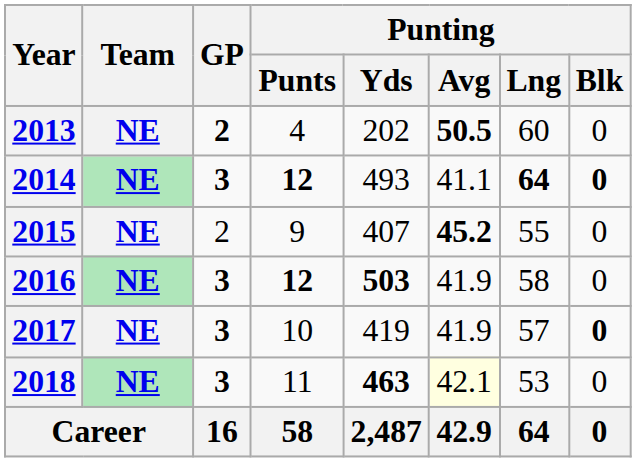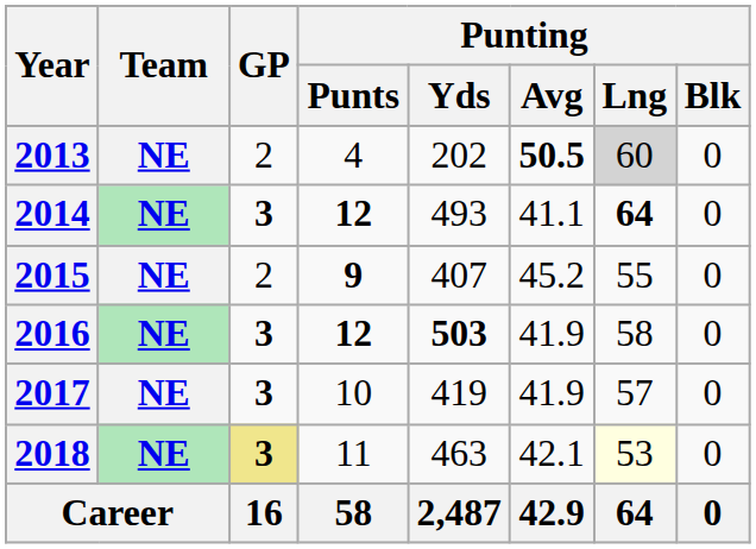 <table class="wikitable" style="text-align:center;">
 <tr>
 <th rowspan="2">Year</th>
 <th rowspan="2">Team</th>
 <th rowspan="2">GP</th>
 <th colspan="5">Punting</th>
 </tr>
 <tr>
 <th>Punts</th>
 <th>Yds</th>
 <th>Avg</th>
 <th>Lng</th>
 <th>Blk</th>
 </tr>
 <tr>
 <th><a href='#'>2013</a></th>
 <th><a href='#'>NE</a></th>
-<td><strong>2</strong></td>
+<td>2</td>
 <td>4</td>
 <td>202</td>
 <td><strong>50.5</strong></td>
-<td>60</td>
+<td style="background: lightgrey;">60</td>
 <td>0</td>
 </tr>
 <tr>
 <th><a href='#'>2014</a></th>
 <th style="background:#afe6ba; width:3em;"><a href='#'>NE</a></th>
 <td><strong>3</strong></td>
 <td><strong>12</strong></td>
 <td>493</td>
 <td>41.1</td>
 <td><strong>64</strong></td>
-<td><strong>0</strong></td>
+<td>0</td>
 </tr>
 <tr>
 <th><a href='#'>2015</a></th>
 <th><a href='#'>NE</a></th>
 <td>2</td>
-<td>9</td>
+<td><strong>9</strong></td>
 <td>407</td>
-<td><strong>45.2</strong></td>
+<td>45.2</td>
 <td>55</td>
 <td>0</td>
 </tr>
 <tr>
 <th><a href='#'>2016</a></th>
 <th style="background:#afe6ba; width:3em;"><a href='#'>NE</a></th>
 <td><strong>3</strong></td>
 <td><strong>12</strong></td>
 <td><strong>503</strong></td>
 <td>41.9</td>
 <td>58</td>
 <td>0</td>
 </tr>
 <tr>
 <th><a href='#'>2017</a></th>
 <th><a href='#'>NE</a></th>
 <td><strong>3</strong></td>
 <td>10</td>
 <td>419</td>
 <td>41.9</td>
 <td>57</td>
-<td><strong>0</strong></td>
+<td>0</td>
 </tr>
 <tr>
 <th><a href='#'>2018</a></th>
 <th style="background:#afe6ba; width:3em;"><a href='#'>NE</a></th>
-<td><strong>3</strong></td>
+<td style="background: khaki;"><strong>3</strong></td>
 <td>11</td>
-<td><strong>463</strong></td>
-<td style="background: lightyellow;">42.1</td>
-<td>53</td>
+<td>463</td>
+<td>42.1</td>
+<td style="background: lightyellow;">53</td>
 <td>0</td>
 </tr>
 <tr>
 <th colspan="2">Career</th>
 <th>16</th>
 <th>58</th>
 <th>2,487</th>
 <th>42.9</th>
 <th>64</th>
 <th>0</th>
 </tr>
 </table>
